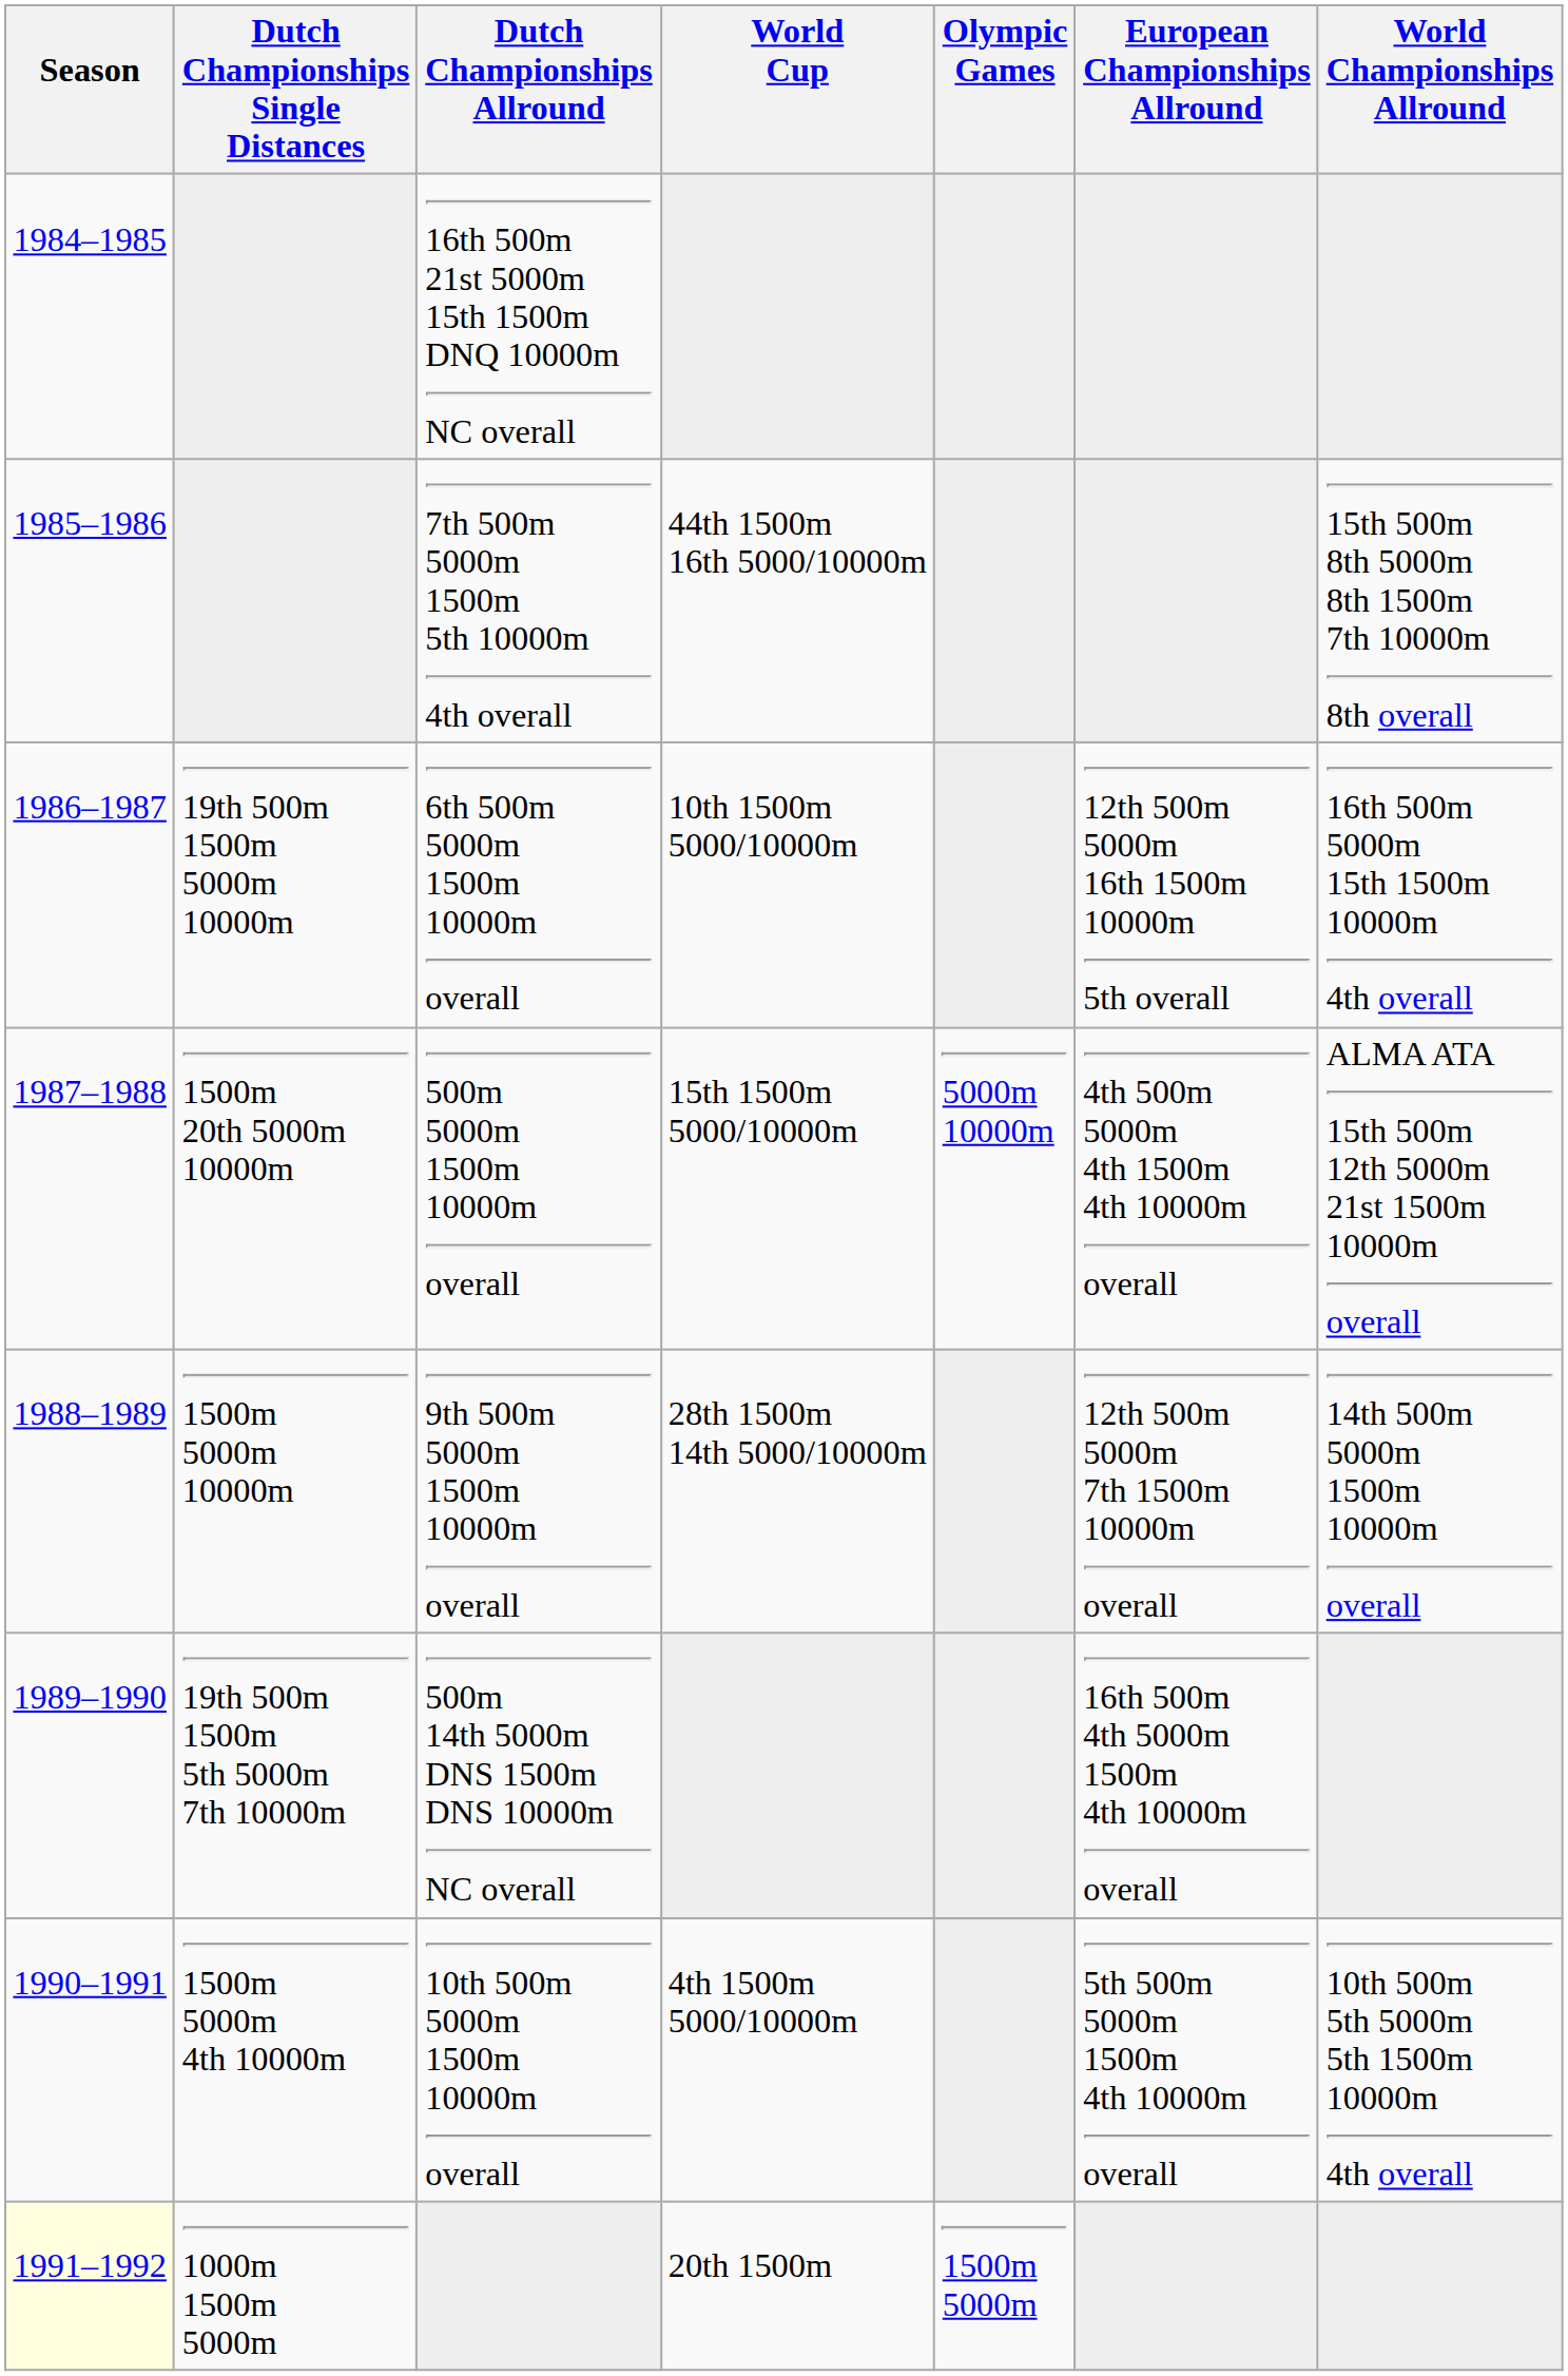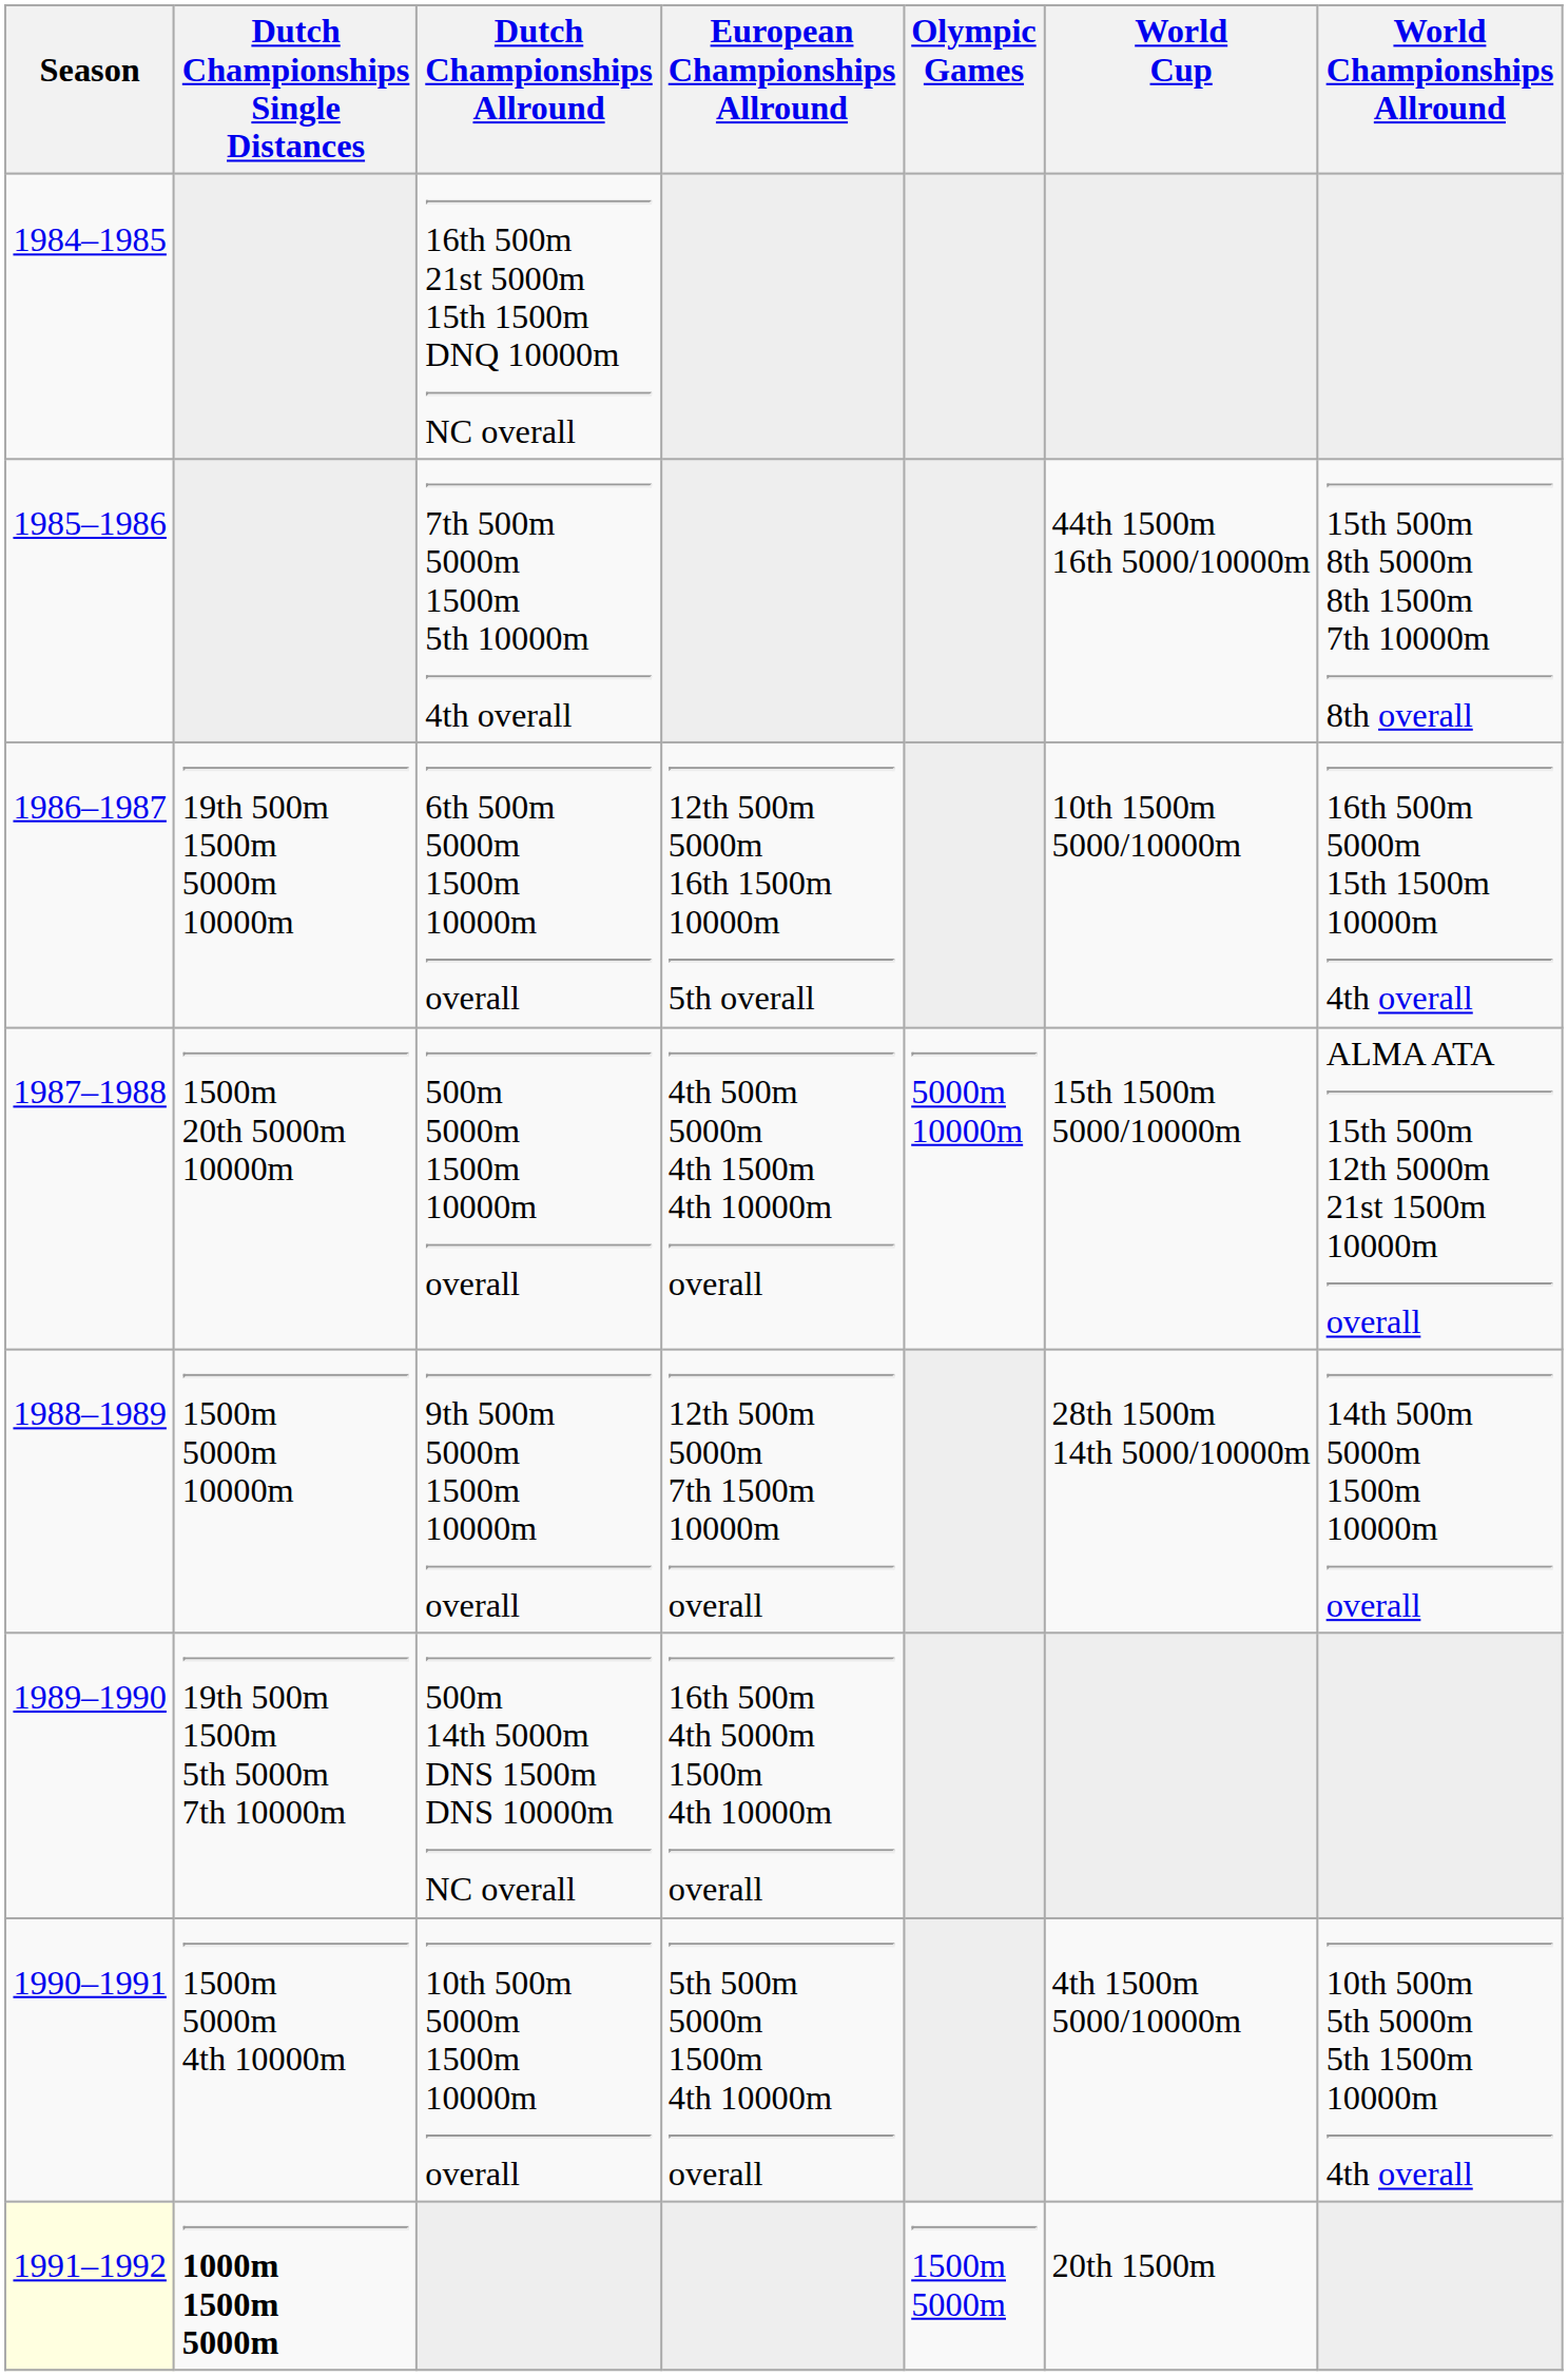 <table class="wikitable">
 <tr style="vertical-align: top;">
 <th><br> Season</th>
 <th><a href='#'>Dutch <br> Championships <br> Single <br> Distances</a></th>
 <th><a href='#'>Dutch <br> Championships <br> Allround</a></th>
+<th><a href='#'>European <br> Championships <br> Allround</a></th>
+<th><a href='#'>Olympic <br> Games</a></th>
 <th><a href='#'>World <br> Cup</a></th>
-<th><a href='#'>Olympic <br> Games</a></th>
-<th><a href='#'>European <br> Championships <br> Allround</a></th>
 <th><a href='#'>World <br> Championships <br> Allround</a></th>
 </tr>
 <tr style="vertical-align: top;">
 <td><br> <a href='#'>1984–1985</a></td>
 <td bgcolor=#EEEEEE></td>
 <td> <hr> 16th 500m <br> 21st 5000m <br> 15th 1500m <br> DNQ 10000m <hr> NC overall</td>
 <td bgcolor=#EEEEEE></td>
 <td bgcolor=#EEEEEE></td>
 <td bgcolor=#EEEEEE></td>
 <td bgcolor=#EEEEEE></td>
 </tr>
 <tr style="vertical-align: top;">
 <td><br> <a href='#'>1985–1986</a></td>
 <td bgcolor=#EEEEEE></td>
 <td> <hr> 7th 500m <br>  5000m <br>  1500m <br> 5th 10000m <hr> 4th overall</td>
-<td><br> 44th 1500m <br> 16th 5000/10000m</td>
 <td bgcolor=#EEEEEE></td>
 <td bgcolor=#EEEEEE></td>
+<td><br> 44th 1500m <br> 16th 5000/10000m</td>
 <td> <hr> 15th 500m <br> 8th 5000m <br> 8th 1500m <br> 7th 10000m <hr> 8th <a href='#'>overall</a></td>
 </tr>
 <tr style="vertical-align: top;">
 <td><br> <a href='#'>1986–1987</a></td>
 <td> <hr> 19th 500m <br>  1500m <br>  5000m <br>  10000m</td>
 <td> <hr> 6th 500m <br>  5000m <br>  1500m <br>  10000m <hr>  overall</td>
+<td> <hr> 12th 500m <br>  5000m <br> 16th 1500m <br>  10000m <hr> 5th overall</td>
+<td bgcolor=#EEEEEE></td>
 <td><br> 10th 1500m <br>  5000/10000m</td>
-<td bgcolor=#EEEEEE></td>
-<td> <hr> 12th 500m <br>  5000m <br> 16th 1500m <br>  10000m <hr> 5th overall</td>
 <td> <hr> 16th 500m <br>  5000m <br> 15th 1500m <br>  10000m <hr> 4th <a href='#'>overall</a></td>
 </tr>
 <tr style="vertical-align: top;">
 <td><br> <a href='#'>1987–1988</a></td>
 <td> <hr>  1500m <br> 20th 5000m <br>  10000m</td>
 <td> <hr>   500m <br>  5000m <br>  1500m <br>  10000m <hr>  overall</td>
+<td> <hr> 4th 500m <br>  5000m <br> 4th 1500m <br> 4th 10000m <hr>  overall</td>
+<td> <hr>  <a href='#'>5000m</a> <br>  <a href='#'>10000m</a></td>
 <td><br> 15th 1500m <br>  5000/10000m</td>
-<td> <hr>  <a href='#'>5000m</a> <br>  <a href='#'>10000m</a></td>
-<td> <hr> 4th 500m <br>  5000m <br> 4th 1500m <br> 4th 10000m <hr>  overall</td>
 <td>ALMA ATA <hr> 15th 500m <br> 12th 5000m <br> 21st 1500m <br>  10000m <hr>  <a href='#'>overall</a></td>
 </tr>
 <tr style="vertical-align: top;">
 <td><br> <a href='#'>1988–1989</a></td>
 <td> <hr>  1500m <br>  5000m <br>  10000m</td>
 <td> <hr> 9th 500m <br>  5000m <br>  1500m <br>  10000m <hr>  overall</td>
+<td> <hr> 12th 500m <br>  5000m <br> 7th 1500m <br>  10000m <hr>  overall</td>
+<td bgcolor=#EEEEEE></td>
 <td><br> 28th 1500m <br> 14th 5000/10000m</td>
-<td bgcolor=#EEEEEE></td>
-<td> <hr> 12th 500m <br>  5000m <br> 7th 1500m <br>  10000m <hr>  overall</td>
 <td> <hr> 14th 500m <br>  5000m <br>  1500m <br>  10000m <hr>  <a href='#'>overall</a></td>
 </tr>
 <tr style="vertical-align: top;">
 <td><br> <a href='#'>1989–1990</a></td>
 <td> <hr> 19th 500m <br>  1500m <br> 5th 5000m <br> 7th 10000m</td>
 <td> <hr>  500m <br> 14th 5000m <br> DNS 1500m <br> DNS 10000m <hr> NC overall</td>
+<td> <hr> 16th 500m <br> 4th 5000m <br>  1500m <br> 4th 10000m <hr>  overall</td>
 <td bgcolor=#EEEEEE></td>
 <td bgcolor=#EEEEEE></td>
-<td> <hr> 16th 500m <br> 4th 5000m <br>  1500m <br> 4th 10000m <hr>  overall</td>
 <td bgcolor=#EEEEEE></td>
 </tr>
 <tr style="vertical-align: top;">
 <td><br> <a href='#'>1990–1991</a></td>
 <td> <hr>  1500m <br>  5000m <br> 4th 10000m</td>
 <td> <hr> 10th 500m <br>  5000m <br>  1500m <br>  10000m <hr>  overall</td>
+<td> <hr> 5th 500m <br>  5000m <br>  1500m <br> 4th 10000m <hr>  overall</td>
+<td bgcolor=#EEEEEE></td>
 <td><br> 4th 1500m <br>  5000/10000m</td>
-<td bgcolor=#EEEEEE></td>
-<td> <hr> 5th 500m <br>  5000m <br>  1500m <br> 4th 10000m <hr>  overall</td>
 <td> <hr> 10th 500m <br> 5th 5000m <br> 5th 1500m <br>  10000m <hr> 4th <a href='#'>overall</a></td>
 </tr>
 <tr style="vertical-align: top;">
 <td style="background: lightyellow;"><br> <a href='#'>1991–1992</a></td>
-<td> <hr>  1000m <br>  1500m <br>  5000m</td>
+<td><strong> <hr>  1000m <br>  1500m <br>  5000m</strong></td>
 <td bgcolor=#EEEEEE></td>
+<td bgcolor=#EEEEEE></td>
+<td> <hr>  <a href='#'>1500m</a> <br>  <a href='#'>5000m</a></td>
 <td><br> 20th 1500m</td>
-<td> <hr>  <a href='#'>1500m</a> <br>  <a href='#'>5000m</a></td>
-<td bgcolor=#EEEEEE></td>
 <td bgcolor=#EEEEEE></td>
 </tr>
 </table>
